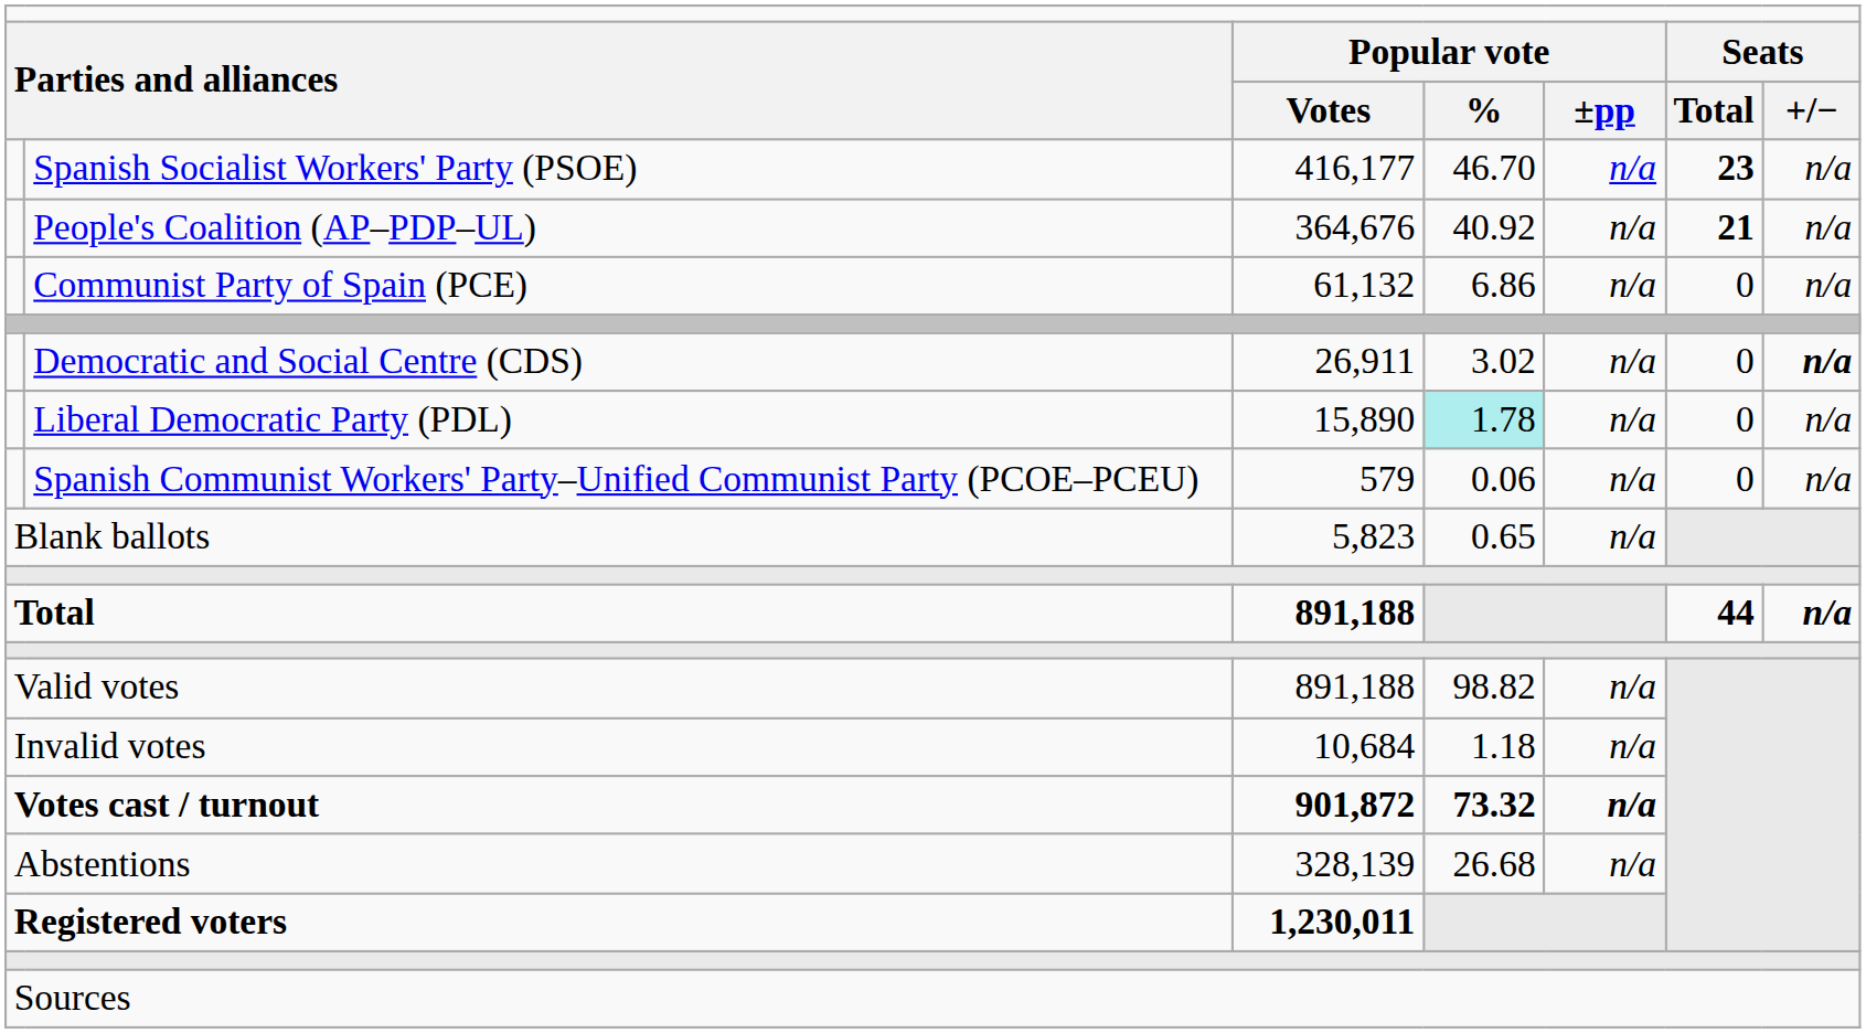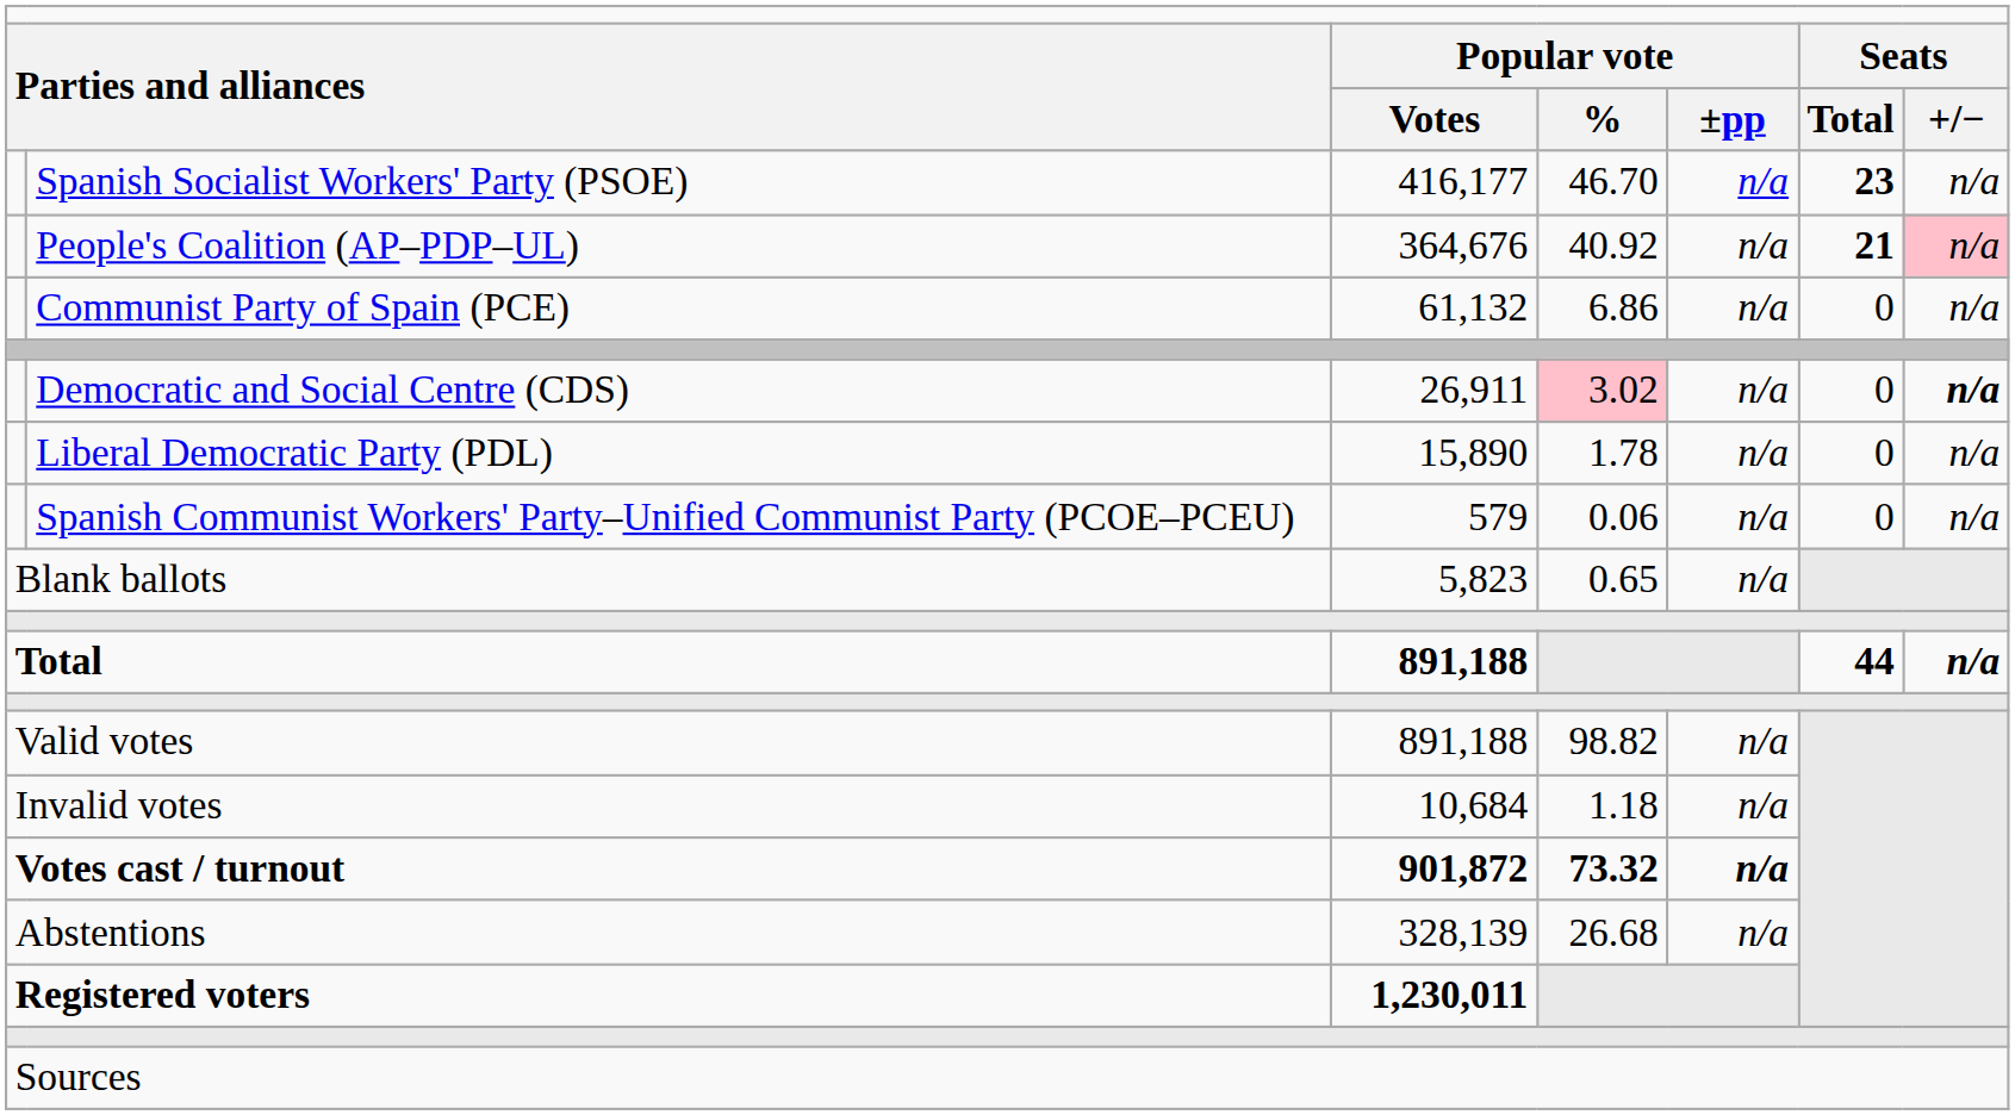 <table class="wikitable" style="text-align:right;">
 <tr>
 <td colspan="7"></td>
 </tr>
 <tr>
 <th style="text-align:left;" rowspan="2" colspan="2" width="525">Parties and alliances</th>
 <th colspan="3">Popular vote</th>
 <th colspan="2">Seats</th>
 </tr>
 <tr>
 <th width="75">Votes</th>
 <th width="45">%</th>
 <th width="45">±<a href='#'>pp</a></th>
 <th width="35">Total</th>
 <th width="35">+/−</th>
 </tr>
 <tr>
 <td width="1" style="color:inherit;background:"></td>
 <td align="left"><a href='#'>Spanish Socialist Workers' Party</a> (PSOE)</td>
 <td>416,177</td>
 <td>46.70</td>
 <td><em><a href='#'>n/a</a></em></td>
 <td><strong>23</strong></td>
 <td><em>n/a</em></td>
 </tr>
 <tr>
 <td style="color:inherit;background:"></td>
 <td align="left"><a href='#'>People's Coalition</a> (<a href='#'>AP</a>–<a href='#'>PDP</a>–<a href='#'>UL</a>)</td>
 <td>364,676</td>
 <td>40.92</td>
 <td><em>n/a</em></td>
 <td><strong>21</strong></td>
-<td><em>n/a</em></td>
+<td style="background: pink;"><em>n/a</em></td>
 </tr>
 <tr>
 <td style="color:inherit;background:"></td>
 <td align="left"><a href='#'>Communist Party of Spain</a> (PCE)</td>
 <td>61,132</td>
 <td>6.86</td>
 <td><em>n/a</em></td>
 <td>0</td>
 <td><em>n/a</em></td>
 </tr>
 <tr>
 <td colspan="7" bgcolor="#C0C0C0"></td>
 </tr>
 <tr>
 <td style="color:inherit;background:"></td>
 <td align="left"><a href='#'>Democratic and Social Centre</a> (CDS)</td>
 <td>26,911</td>
-<td>3.02</td>
+<td style="background: pink;">3.02</td>
 <td><em>n/a</em></td>
 <td>0</td>
 <td><strong><em>n/a</em></strong></td>
 </tr>
 <tr>
 <td style="color:inherit;background:"></td>
 <td align="left"><a href='#'>Liberal Democratic Party</a> (PDL)</td>
 <td>15,890</td>
-<td style="background: paleturquoise;">1.78</td>
+<td>1.78</td>
 <td><em>n/a</em></td>
 <td>0</td>
 <td><em>n/a</em></td>
 </tr>
 <tr>
 <td style="color:inherit;background:"></td>
 <td align="left"><a href='#'>Spanish Communist Workers' Party</a>–<a href='#'>Unified Communist Party</a> (PCOE–PCEU)</td>
 <td>579</td>
 <td>0.06</td>
 <td><em>n/a</em></td>
 <td>0</td>
 <td><em>n/a</em></td>
 </tr>
 <tr>
 <td align="left" colspan="2">Blank ballots</td>
 <td>5,823</td>
 <td>0.65</td>
 <td><em>n/a</em></td>
 <td bgcolor="#E9E9E9" colspan="2"></td>
 </tr>
 <tr>
 <td colspan="7" bgcolor="#E9E9E9"></td>
 </tr>
 <tr style="font-weight:bold;">
 <td align="left" colspan="2">Total</td>
 <td>891,188</td>
 <td bgcolor="#E9E9E9" colspan="2"></td>
 <td>44</td>
 <td><em>n/a</em></td>
 </tr>
 <tr>
 <td colspan="7" bgcolor="#E9E9E9"></td>
 </tr>
 <tr>
 <td align="left" colspan="2">Valid votes</td>
 <td>891,188</td>
 <td>98.82</td>
 <td><em>n/a</em></td>
 <td bgcolor="#E9E9E9" colspan="2" rowspan="5"></td>
 </tr>
 <tr>
 <td align="left" colspan="2">Invalid votes</td>
 <td>10,684</td>
 <td>1.18</td>
 <td><em>n/a</em></td>
 </tr>
 <tr style="font-weight:bold;">
 <td align="left" colspan="2">Votes cast / turnout</td>
 <td>901,872</td>
 <td>73.32</td>
 <td><em>n/a</em></td>
 </tr>
 <tr>
 <td align="left" colspan="2">Abstentions</td>
 <td>328,139</td>
 <td>26.68</td>
 <td><em>n/a</em></td>
 </tr>
 <tr style="font-weight:bold;">
 <td align="left" colspan="2">Registered voters</td>
 <td>1,230,011</td>
 <td bgcolor="#E9E9E9" colspan="2"></td>
 </tr>
 <tr>
 <td colspan="7" bgcolor="#E9E9E9"></td>
 </tr>
 <tr>
 <td align="left" colspan="7">Sources</td>
 </tr>
 </table>
